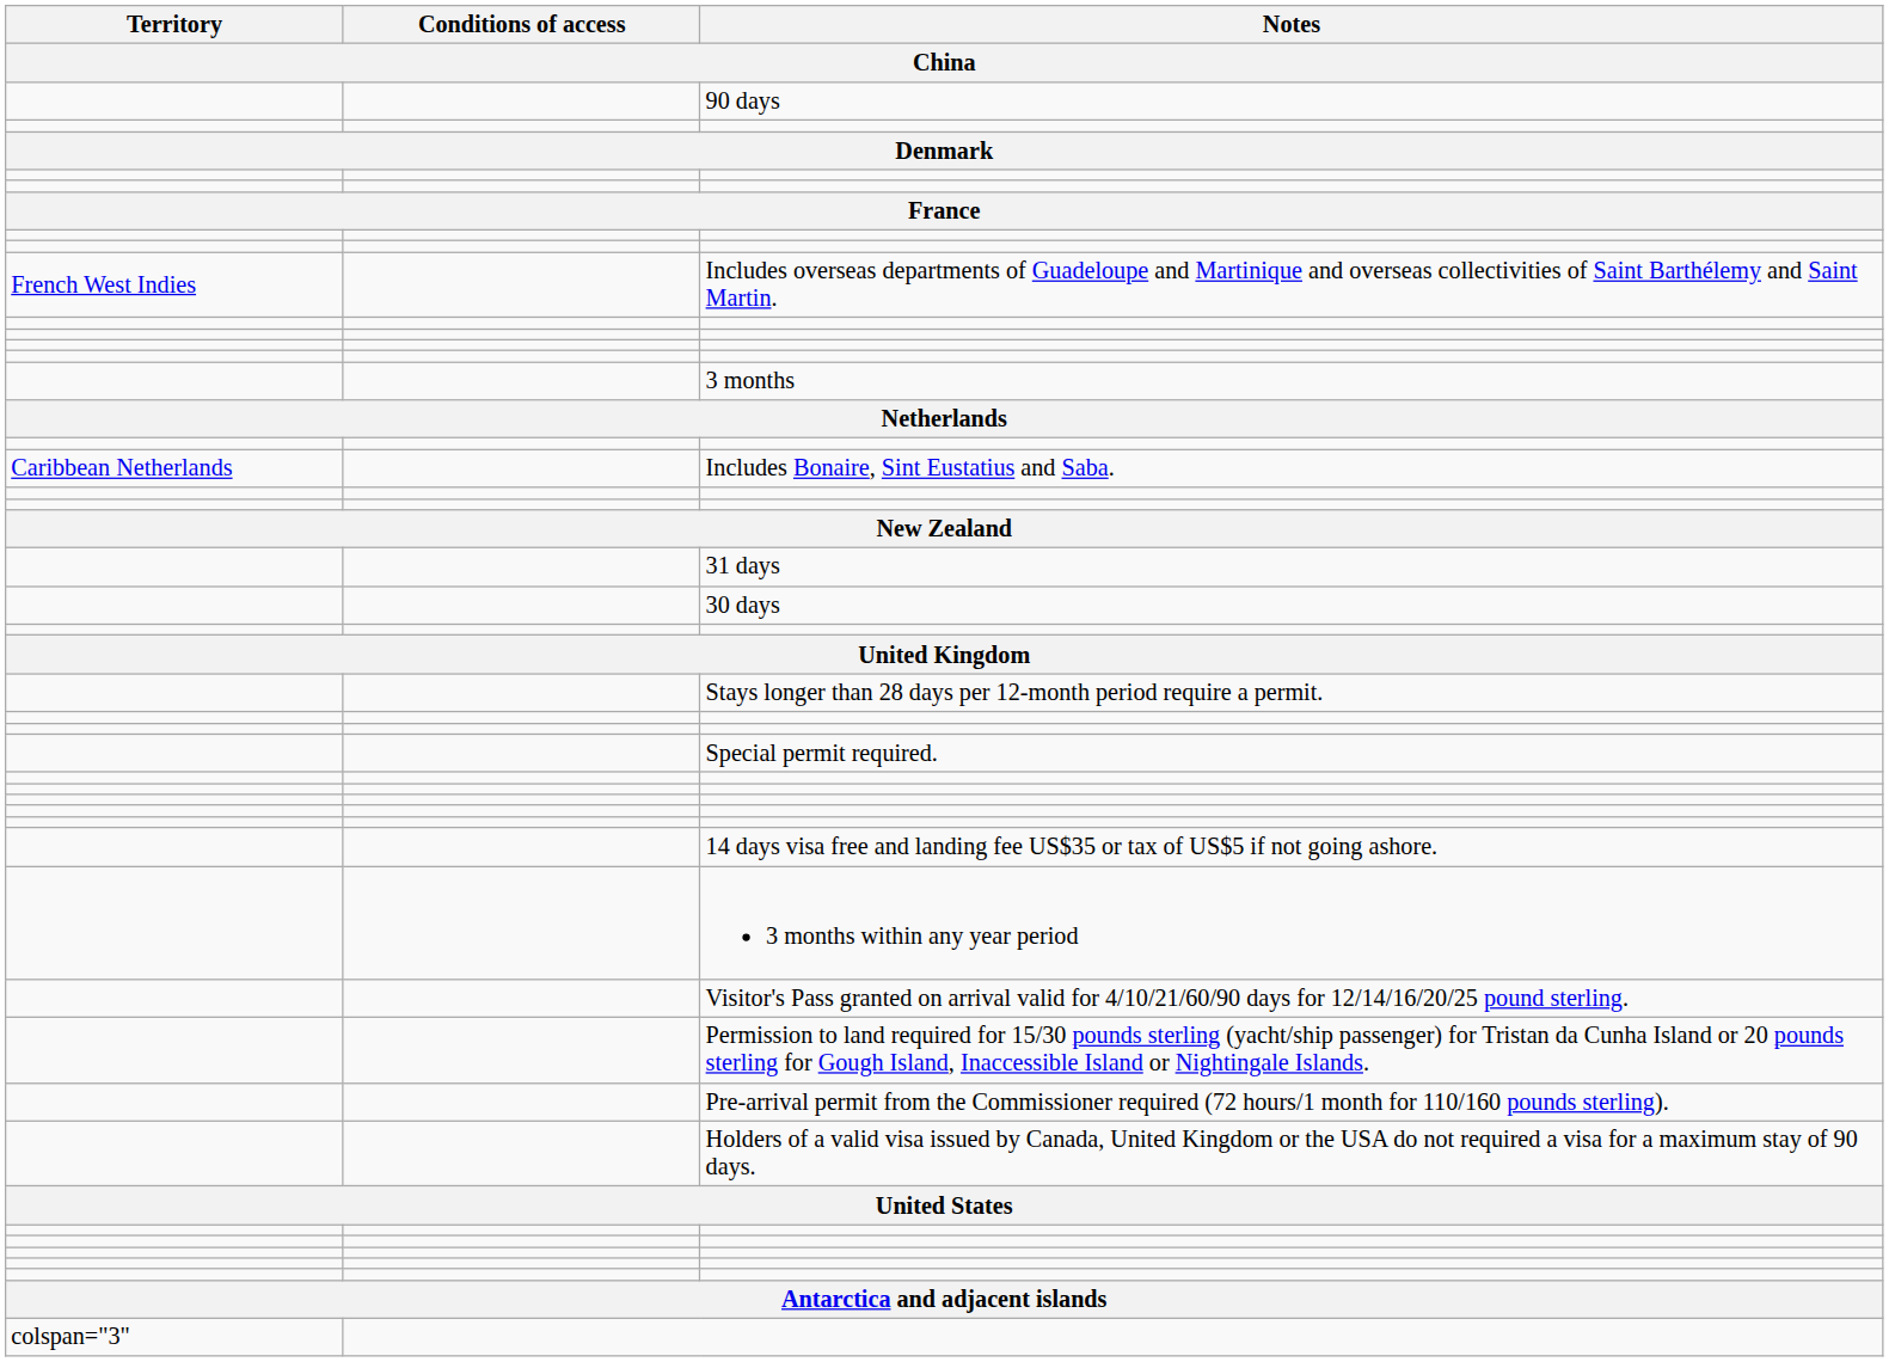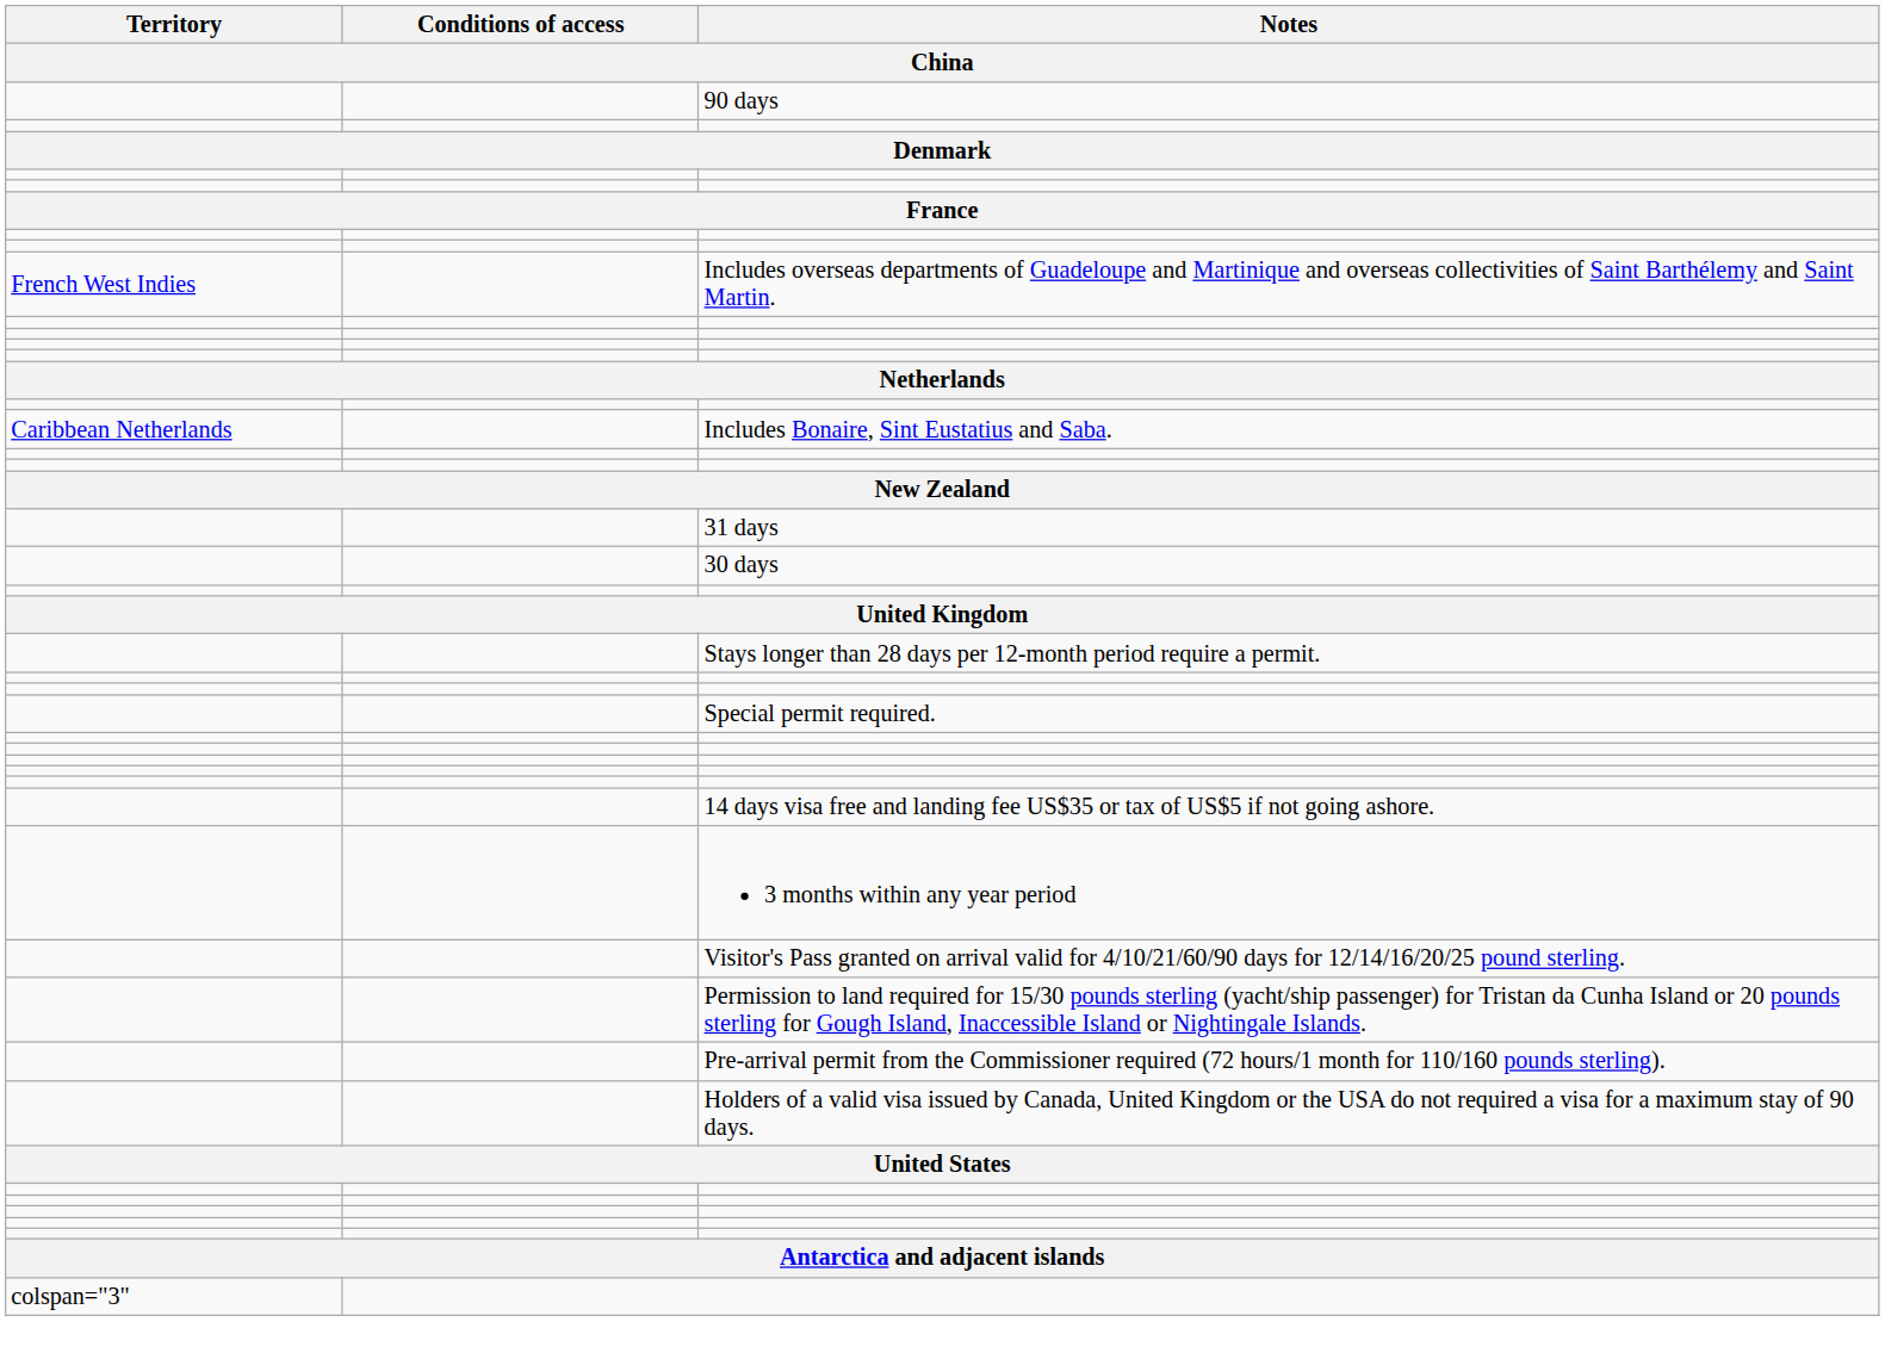 <table class="wikitable" style="text-align: left; table-layout: fixed;">
 <tr>
 <th style="width:18%;">Territory</th>
 <th style="width:19%;">Conditions of access</th>
 <th>Notes</th>
 </tr>
 <tr>
 <th colspan="3">China</th>
 </tr>
 <tr>
 <td></td>
 <td></td>
 <td>90 days</td>
 </tr>
 <tr>
 <td></td>
 <td></td>
 <td></td>
 </tr>
 <tr>
 <th colspan="3">Denmark</th>
 </tr>
 <tr>
 <td></td>
 <td></td>
 <td></td>
 </tr>
 <tr>
 <td></td>
 <td></td>
 <td></td>
 </tr>
 <tr>
 <th colspan="3">France</th>
 </tr>
 <tr>
 <td></td>
 <td></td>
 <td></td>
 </tr>
 <tr>
 <td></td>
 <td></td>
 <td></td>
 </tr>
 <tr>
 <td> <a href='#'>French West Indies</a></td>
 <td></td>
 <td>Includes overseas departments of <a href='#'>Guadeloupe</a> and <a href='#'>Martinique</a> and overseas collectivities of <a href='#'>Saint Barthélemy</a> and <a href='#'>Saint Martin</a>.</td>
 </tr>
 <tr>
 <td></td>
 <td></td>
 <td></td>
 </tr>
 <tr>
 <td></td>
 <td></td>
 <td></td>
 </tr>
 <tr>
 <td></td>
 <td></td>
 <td></td>
 </tr>
 <tr>
 <td></td>
 <td></td>
 <td></td>
-</tr>
-<tr>
-<td></td>
-<td></td>
-<td>3 months</td>
 </tr>
 <tr>
 <th colspan="3">Netherlands</th>
 </tr>
 <tr>
 <td></td>
 <td></td>
 <td></td>
 </tr>
 <tr>
 <td> <a href='#'>Caribbean Netherlands</a></td>
 <td></td>
 <td>Includes <a href='#'>Bonaire</a>, <a href='#'>Sint Eustatius</a> and <a href='#'>Saba</a>.</td>
 </tr>
 <tr>
 <td></td>
 <td></td>
 <td></td>
 </tr>
 <tr>
 <td></td>
 <td></td>
 <td></td>
 </tr>
 <tr>
 <th colspan="3">New Zealand</th>
 </tr>
 <tr>
 <td></td>
 <td></td>
 <td>31 days</td>
 </tr>
 <tr>
 <td></td>
 <td></td>
 <td>30 days</td>
 </tr>
 <tr>
 <td></td>
 <td></td>
 <td></td>
 </tr>
 <tr>
 <th colspan="3">United Kingdom</th>
 </tr>
 <tr>
 <td></td>
 <td></td>
 <td>Stays longer than 28 days per 12-month period require a permit.</td>
 </tr>
 <tr>
 <td></td>
 <td></td>
 <td></td>
 </tr>
 <tr>
 <td></td>
 <td></td>
 <td></td>
 </tr>
 <tr>
 <td></td>
 <td></td>
 <td>Special permit required.</td>
 </tr>
 <tr>
 <td></td>
 <td></td>
 <td></td>
 </tr>
 <tr>
 <td></td>
 <td></td>
 <td></td>
 </tr>
 <tr>
 <td></td>
 <td></td>
 <td></td>
 </tr>
 <tr>
 <td></td>
 <td></td>
 <td></td>
 </tr>
 <tr>
 <td></td>
 <td></td>
 <td></td>
 </tr>
 <tr>
 <td></td>
 <td></td>
 <td>14 days visa free and landing fee US$35 or tax of US$5 if not going ashore.</td>
 </tr>
 <tr>
 <td></td>
 <td></td>
 <td><br><ul><li>3 months within any year period</li></ul></td>
 </tr>
 <tr>
 <td></td>
 <td></td>
 <td>Visitor's Pass granted on arrival valid for 4/10/21/60/90 days for 12/14/16/20/25 <a href='#'>pound sterling</a>.</td>
 </tr>
 <tr>
 <td></td>
 <td></td>
 <td>Permission to land required for 15/30 <a href='#'>pounds sterling</a> (yacht/ship passenger) for Tristan da Cunha Island or 20 <a href='#'>pounds sterling</a> for <a href='#'>Gough Island</a>, <a href='#'>Inaccessible Island</a> or <a href='#'>Nightingale Islands</a>.</td>
 </tr>
 <tr>
 <td></td>
 <td></td>
 <td>Pre-arrival permit from the Commissioner required (72 hours/1 month for 110/160 <a href='#'>pounds sterling</a>).</td>
 </tr>
 <tr>
 <td></td>
 <td></td>
 <td>Holders of a valid visa issued by Canada, United Kingdom or the USA do not required a visa for a maximum stay of 90 days.</td>
 </tr>
 <tr>
 <th colspan="3">United States</th>
 </tr>
 <tr>
 <td></td>
 <td></td>
 <td></td>
 </tr>
 <tr>
 <td></td>
 <td></td>
 <td></td>
 </tr>
 <tr>
 <td></td>
 <td></td>
 <td></td>
 </tr>
 <tr>
 <td></td>
 <td></td>
 <td></td>
 </tr>
 <tr>
 <td></td>
 <td></td>
 <td></td>
 </tr>
 <tr>
 <th colspan="3"><a href='#'>Antarctica</a> and adjacent islands</th>
 </tr>
 <tr>
 <td>colspan="3" </td>
 </tr>
 </table>
